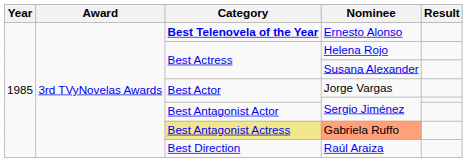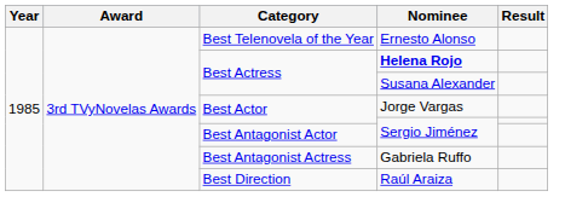 <table class="wikitable">
 <tr style="background:#b0c4de;">
 <th>Year</th>
 <th>Award</th>
 <th>Category</th>
 <th>Nominee</th>
 <th>Result</th>
 </tr>
 <tr>
 <td rowspan=8>1985</td>
 <td rowspan=8><a href='#'>3rd TVyNovelas Awards</a></td>
-<td><strong><a href='#'>Best Telenovela of the Year</a></strong></td>
+<td><a href='#'>Best Telenovela of the Year</a></td>
 <td><a href='#'>Ernesto Alonso</a></td>
 <td></td>
 </tr>
 <tr>
 <td rowspan=2><a href='#'>Best Actress</a></td>
-<td><a href='#'>Helena Rojo</a></td>
+<td><strong><a href='#'>Helena Rojo</a></strong></td>
 <td></td>
 </tr>
 <tr>
 <td><a href='#'>Susana Alexander</a></td>
 <td></td>
 </tr>
 <tr>
 <td rowspan=2><a href='#'>Best Actor</a></td>
 <td>Jorge Vargas</td>
 <td></td>
 </tr>
 <tr>
 <td rowspan=2><a href='#'>Sergio Jiménez</a></td>
 <td></td>
 </tr>
 <tr>
 <td><a href='#'>Best Antagonist Actor</a></td>
 <td></td>
 </tr>
 <tr>
-<td style="background: khaki;"><a href='#'>Best Antagonist Actress</a></td>
-<td style="background: lightsalmon;">Gabriela Ruffo</td>
+<td><a href='#'>Best Antagonist Actress</a></td>
+<td>Gabriela Ruffo</td>
 <td></td>
 </tr>
 <tr>
 <td><a href='#'>Best Direction</a></td>
 <td><a href='#'>Raúl Araiza</a></td>
 <td></td>
 </tr>
 </table>
